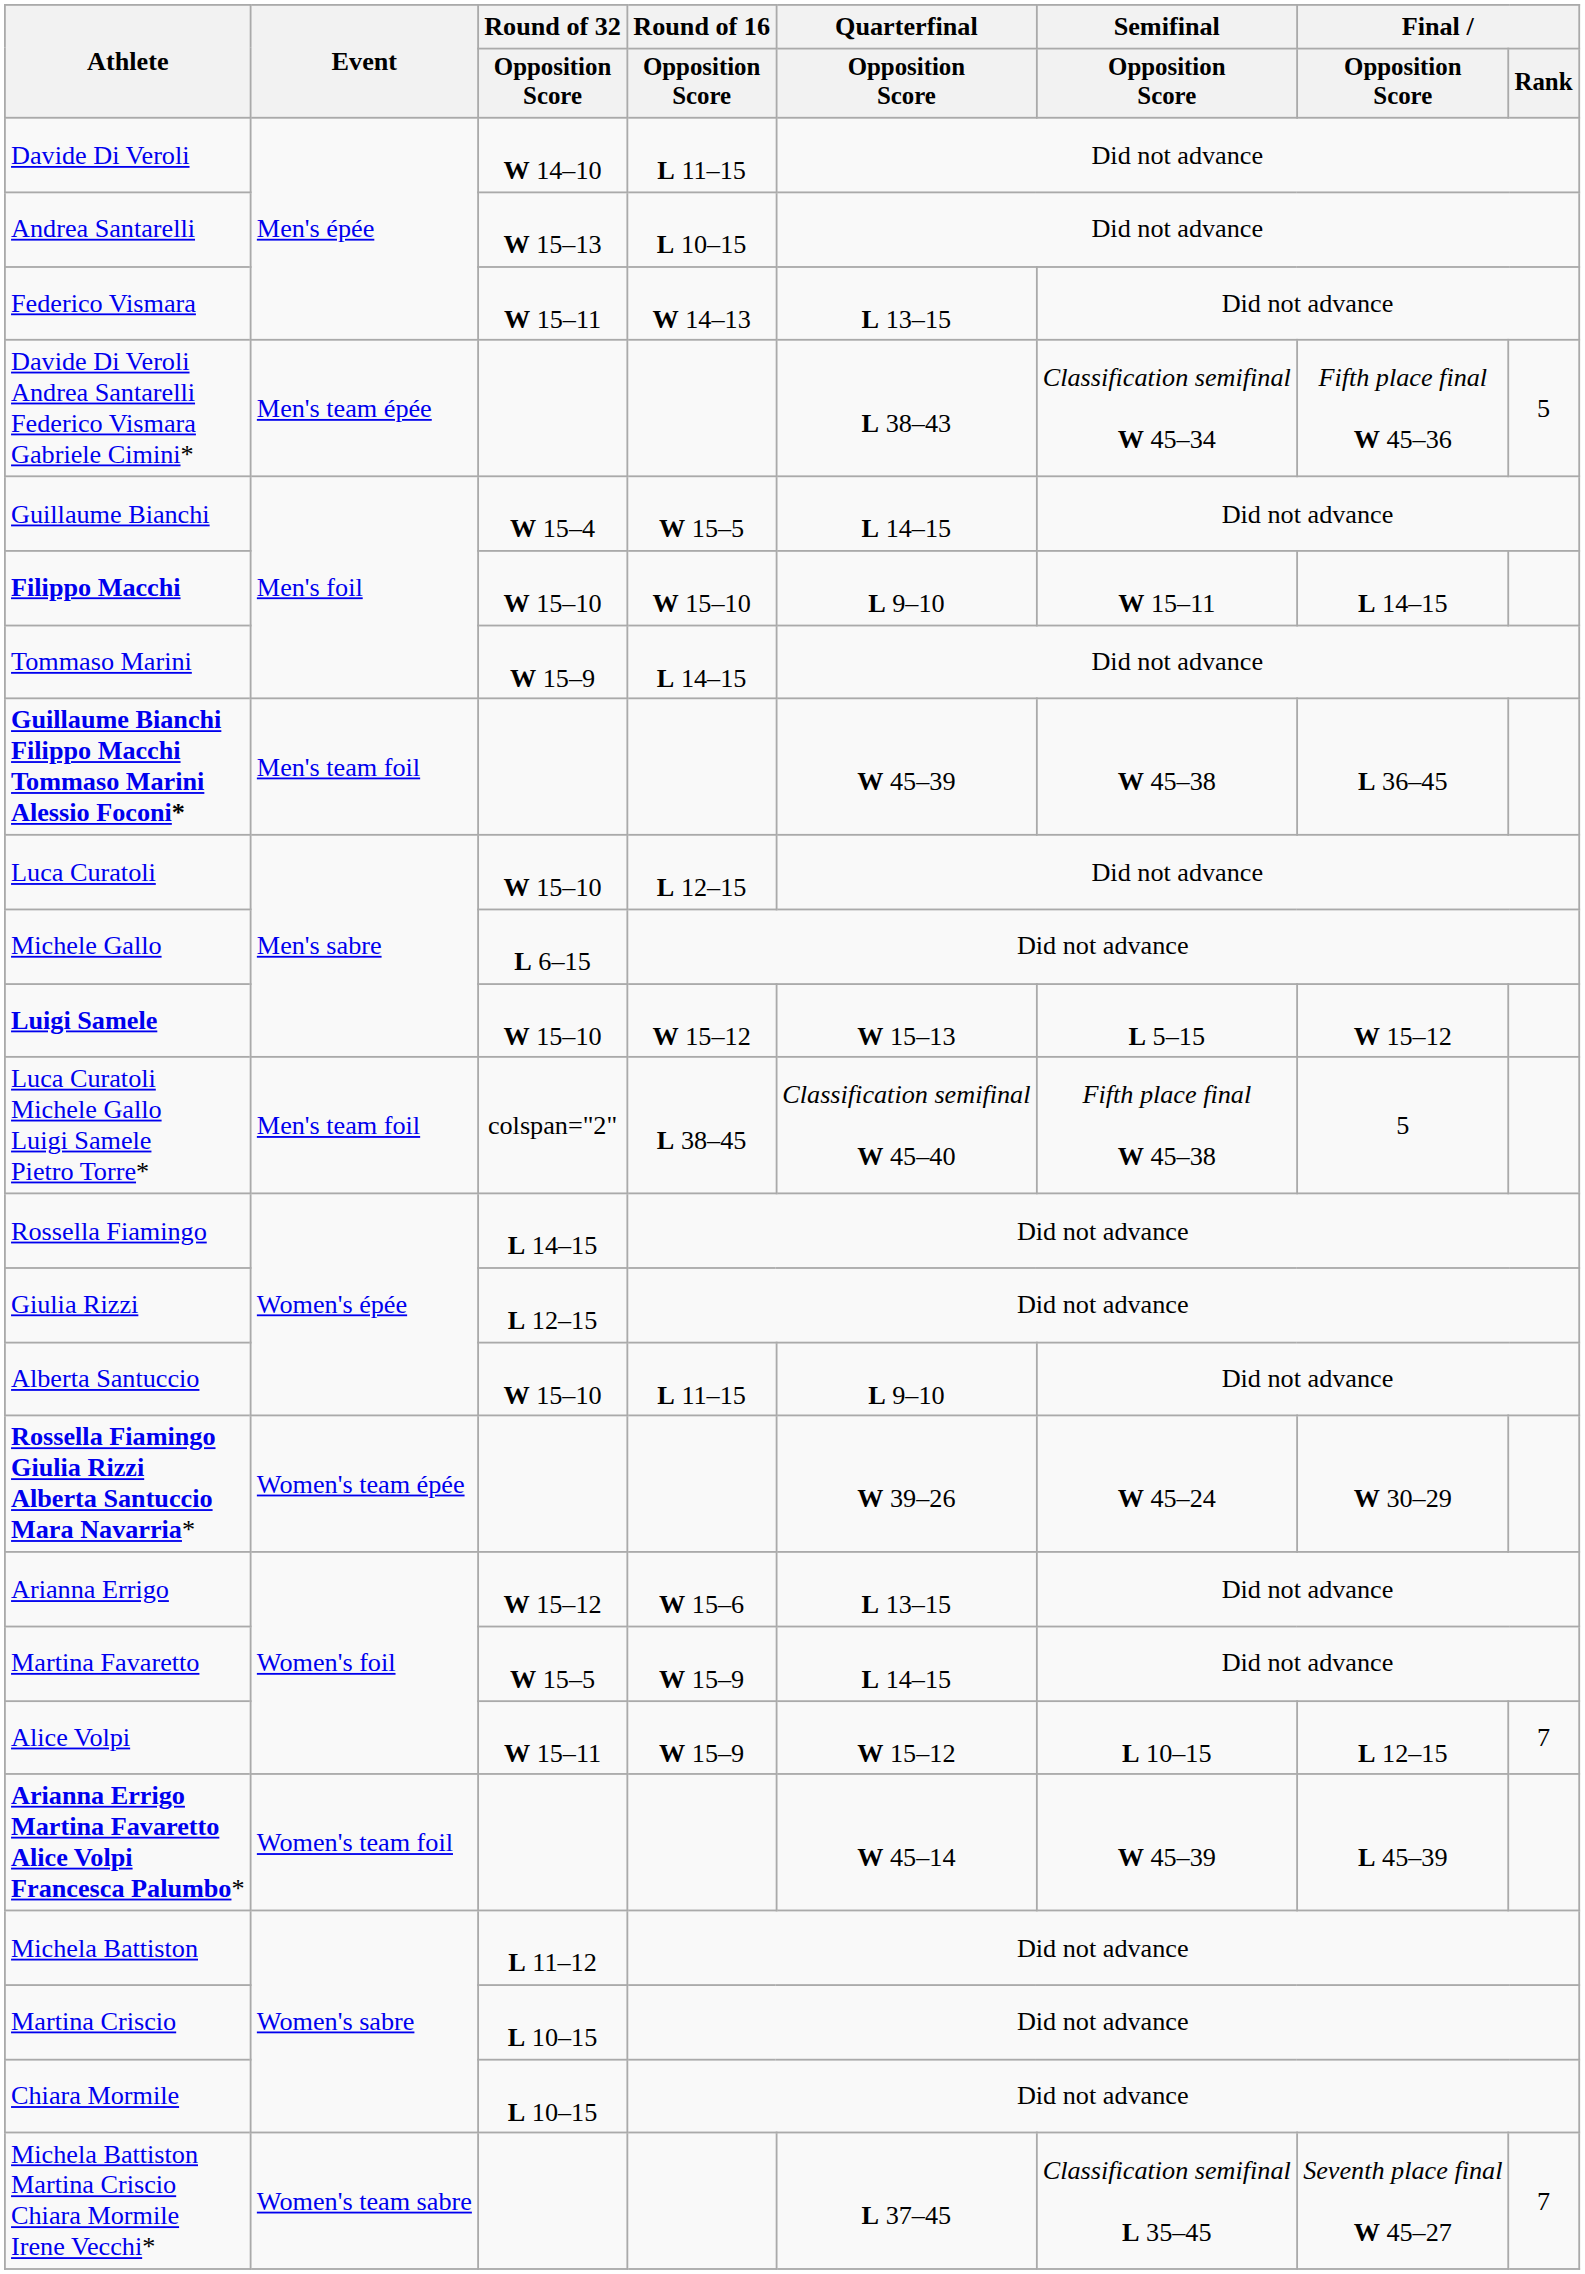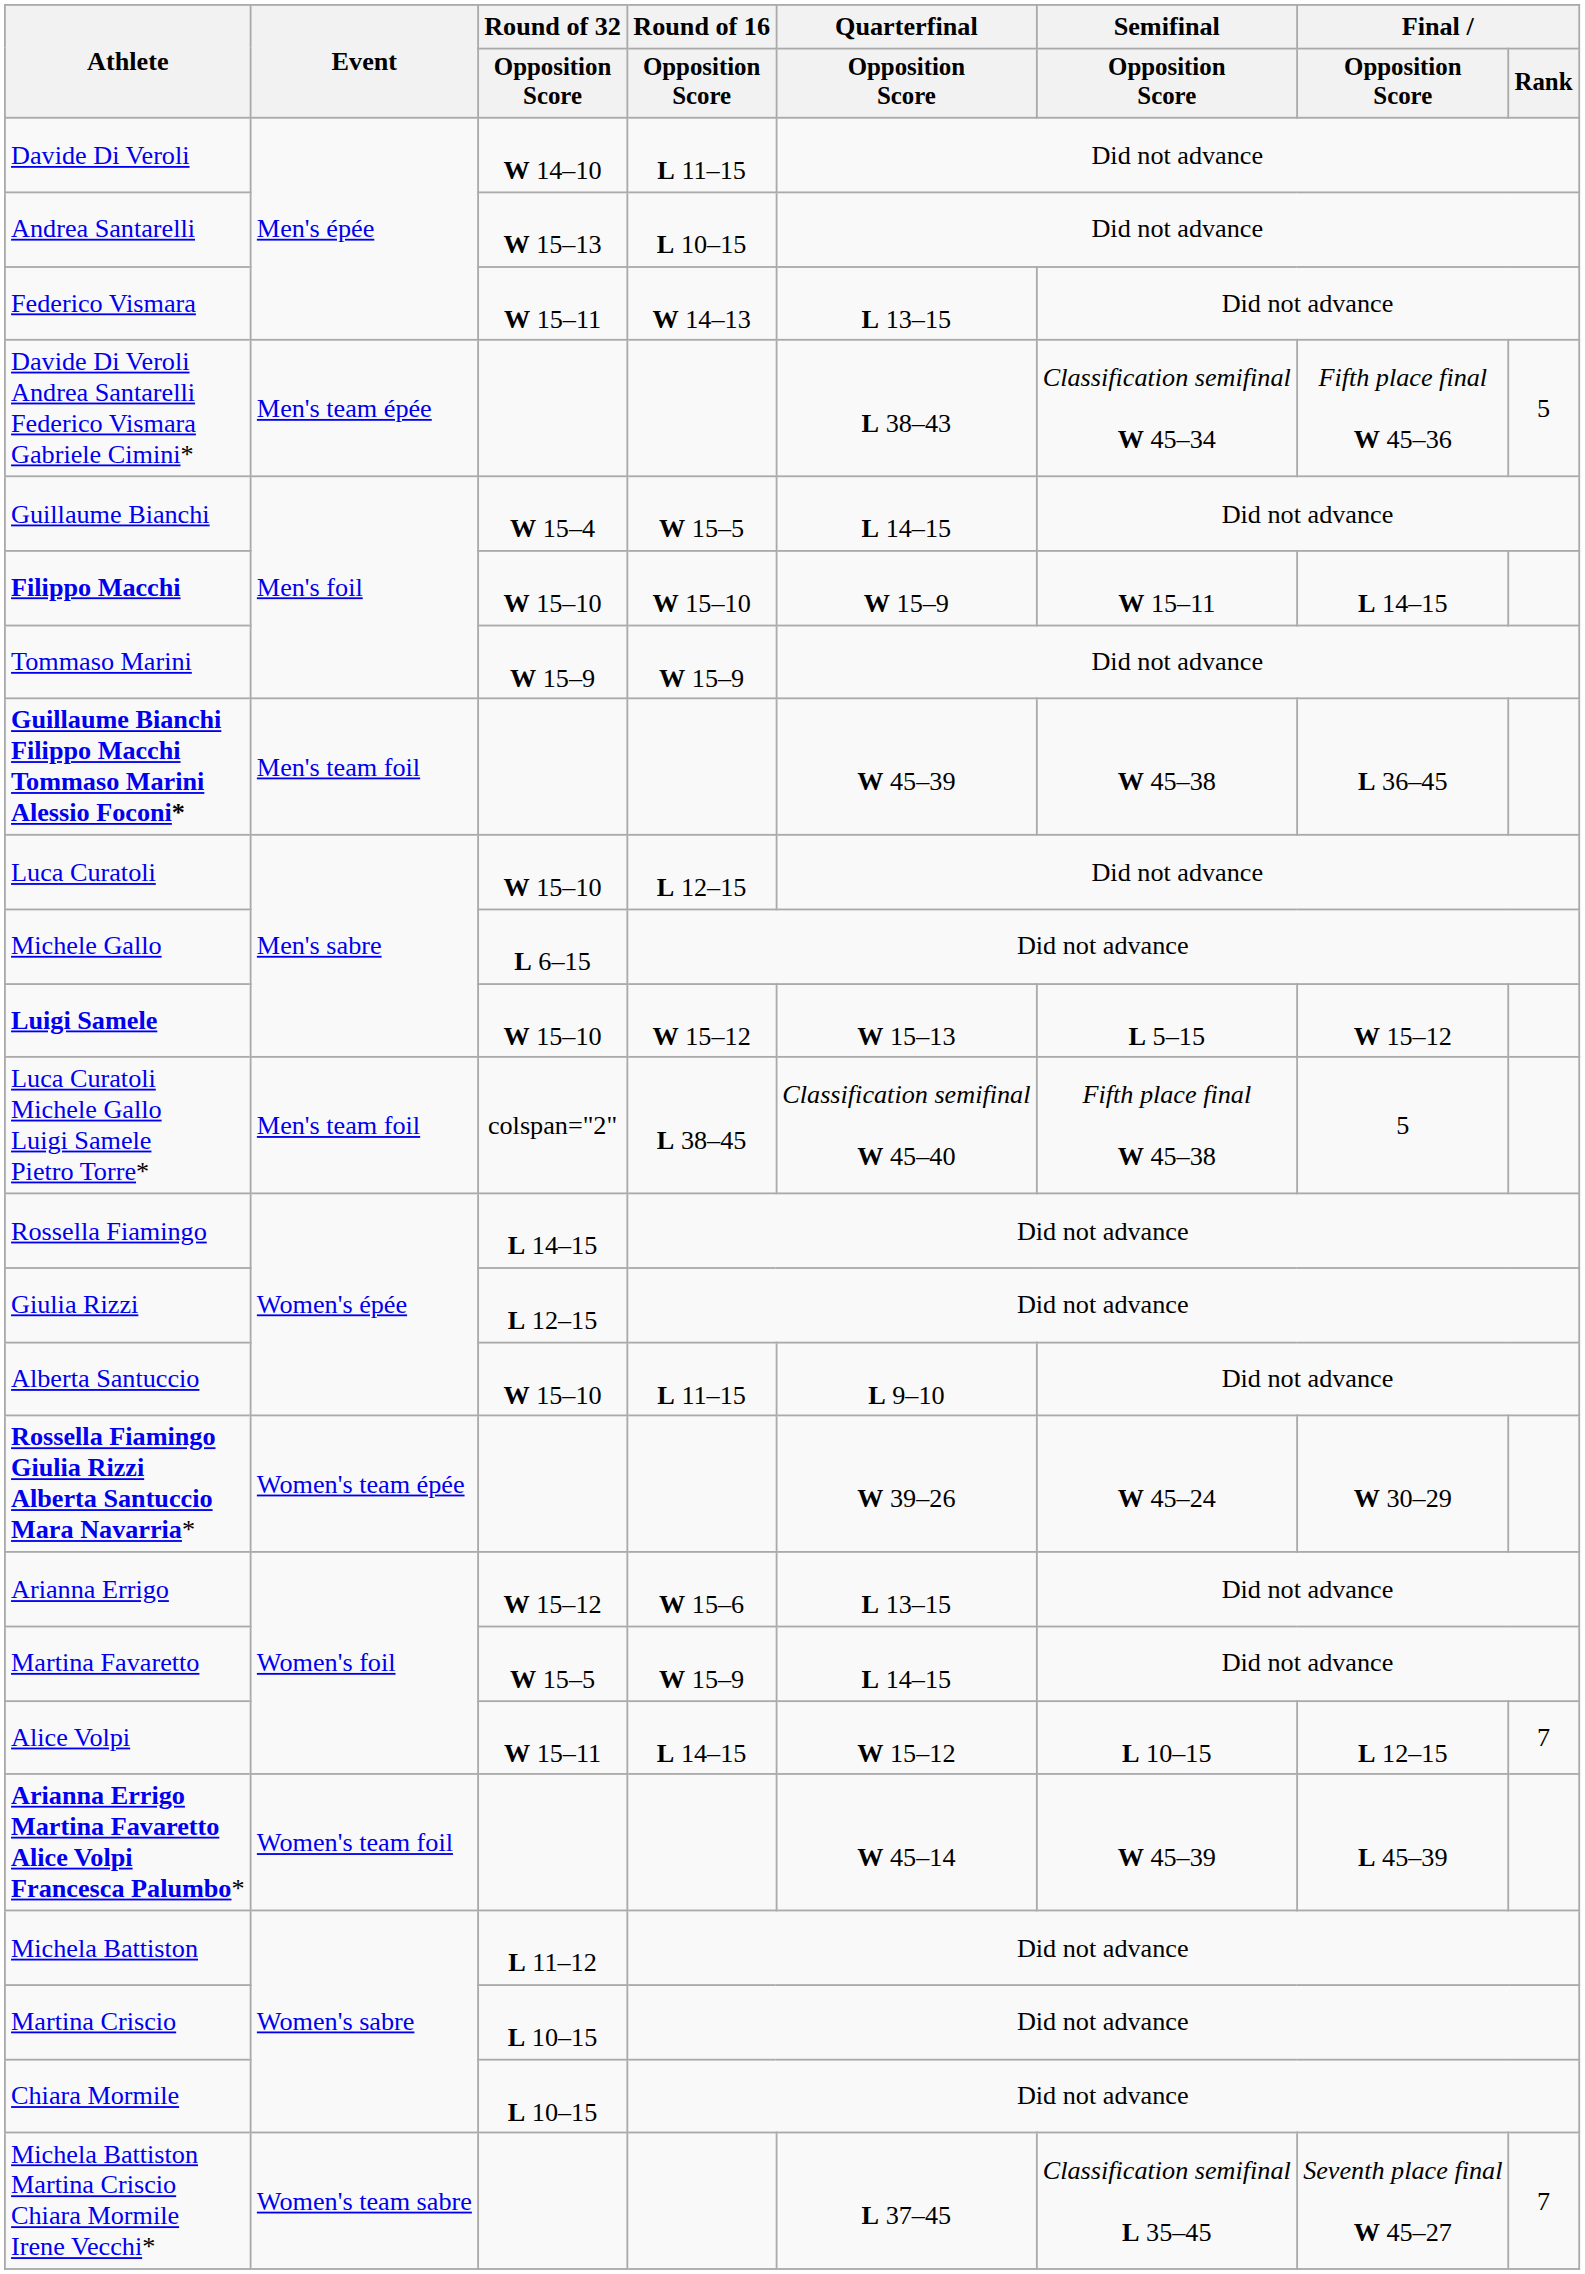 <table class="wikitable" style="font-size:90%">
 <tr>
 <th rowspan="2">Athlete</th>
 <th rowspan="2">Event</th>
 <th>Round of 32</th>
 <th>Round of 16</th>
 <th>Quarterfinal</th>
 <th>Semifinal</th>
 <th colspan=2>Final / </th>
 </tr>
 <tr style="font-size:95%">
 <th>Opposition <br> Score</th>
 <th>Opposition <br> Score</th>
 <th>Opposition <br> Score</th>
 <th>Opposition <br> Score</th>
 <th>Opposition <br> Score</th>
 <th>Rank</th>
 </tr>
 <tr align=center>
 <td align=left><a href='#'>Davide Di Veroli</a></td>
 <td align=left rowspan=3><a href='#'>Men's épée</a></td>
 <td><br><strong>W</strong> 14–10</td>
 <td><br><strong>L</strong> 11–15</td>
 <td colspan="4">Did not advance</td>
 </tr>
 <tr align=center>
 <td align=left><a href='#'>Andrea Santarelli</a></td>
 <td><br><strong>W</strong> 15–13</td>
 <td><br><strong>L</strong> 10–15</td>
 <td colspan=4>Did not advance</td>
 </tr>
 <tr align=center>
 <td align=left><a href='#'>Federico Vismara</a></td>
 <td><br><strong>W</strong> 15–11</td>
 <td><br><strong>W</strong> 14–13</td>
 <td><br><strong>L</strong> 13–15</td>
 <td colspan=3>Did not advance</td>
 </tr>
 <tr align=center>
 <td align=left><a href='#'>Davide Di Veroli</a><br><a href='#'>Andrea Santarelli</a><br><a href='#'>Federico Vismara</a><br><a href='#'>Gabriele Cimini</a>*</td>
 <td align=left><a href='#'>Men's team épée</a></td>
 <td></td>
 <td></td>
 <td><br><strong>L</strong> 38–43</td>
 <td><em>Classification semifinal</em><br><br><strong>W</strong> 45–34</td>
 <td><em>Fifth place final</em><br><br> <strong>W</strong> 45–36</td>
 <td>5</td>
 </tr>
 <tr align=center>
 <td align=left><a href='#'>Guillaume Bianchi</a></td>
 <td align=left rowspan=3><a href='#'>Men's foil</a></td>
 <td><br><strong>W</strong> 15–4</td>
 <td><br><strong>W</strong> 15–5</td>
 <td><br><strong>L</strong> 14–15</td>
 <td colspan=4>Did not advance</td>
 </tr>
 <tr align=center>
 <td align=left><strong><a href='#'>Filippo Macchi</a></strong></td>
 <td><br><strong>W</strong> 15–10</td>
 <td><br><strong>W</strong> 15–10</td>
-<td><br><strong>L</strong> 9–10</td>
+<td><br><strong>W</strong> 15–9</td>
 <td><br><strong>W</strong> 15–11</td>
 <td><br><strong>L</strong> 14–15</td>
 <td></td>
 </tr>
 <tr align=center>
 <td align=left><a href='#'>Tommaso Marini</a></td>
 <td><br><strong>W</strong> 15–9</td>
-<td><br><strong>L</strong> 14–15</td>
+<td><br><strong>W</strong> 15–9</td>
 <td colspan=4>Did not advance</td>
 </tr>
 <tr align=center>
 <td align=left><strong><a href='#'>Guillaume Bianchi</a><br><a href='#'>Filippo Macchi</a><br><a href='#'>Tommaso Marini</a><br><a href='#'>Alessio Foconi</a>*</strong></td>
 <td align=left><a href='#'>Men's team foil</a></td>
 <td></td>
 <td></td>
 <td><br> <strong>W</strong> 45–39</td>
 <td><br> <strong>W</strong> 45–38</td>
 <td><br> <strong>L</strong> 36–45</td>
 <td></td>
 </tr>
 <tr align=center>
 <td align=left><a href='#'>Luca Curatoli</a></td>
 <td align=left rowspan=3><a href='#'>Men's sabre</a></td>
 <td><br><strong>W</strong> 15–10</td>
 <td><br><strong>L</strong> 12–15</td>
 <td colspan=4>Did not advance</td>
 </tr>
 <tr align=center>
 <td align=left><a href='#'>Michele Gallo</a></td>
 <td><br><strong>L</strong> 6–15</td>
 <td colspan=5 {>Did not advance</td>
 </tr>
 <tr align=center>
 <td align=left><strong><a href='#'>Luigi Samele</a></strong></td>
 <td><br><strong>W</strong> 15–10</td>
 <td><br><strong>W</strong> 15–12</td>
 <td><br><strong>W</strong> 15–13</td>
 <td><br><strong>L</strong> 5–15</td>
 <td><br><strong>W</strong> 15–12</td>
 <td></td>
 </tr>
 <tr align=center>
 <td align=left><a href='#'>Luca Curatoli</a><br><a href='#'>Michele Gallo</a><br><a href='#'>Luigi Samele</a><br><a href='#'>Pietro Torre</a>*</td>
 <td align=left><a href='#'>Men's team foil</a></td>
 <td>colspan="2"</td>
 <td><br><strong>L</strong> 38–45</td>
 <td><em>Classification semifinal</em><br><br><strong>W</strong> 45–40</td>
 <td><em>Fifth place final</em><br><br> <strong>W</strong> 45–38</td>
 <td>5</td>
 </tr>
 <tr align=center>
 <td align=left><a href='#'>Rossella Fiamingo</a></td>
 <td align=left rowspan=3><a href='#'>Women's épée</a></td>
 <td><br><strong>L</strong> 14–15</td>
 <td colspan=5>Did not advance</td>
 </tr>
 <tr align=center>
 <td align=left><a href='#'>Giulia Rizzi</a></td>
 <td><br><strong>L</strong> 12–15</td>
 <td colspan=5>Did not advance</td>
 </tr>
 <tr align=center>
 <td align=left><a href='#'>Alberta Santuccio</a></td>
 <td><br><strong>W</strong> 15–10</td>
 <td><br><strong>L</strong> 11–15</td>
 <td><br><strong>L</strong> 9–10</td>
 <td colspan=3>Did not advance</td>
 </tr>
 <tr align=center>
 <td align=left><strong><a href='#'>Rossella Fiamingo</a></strong><br><strong><a href='#'>Giulia Rizzi</a></strong><br><strong><a href='#'>Alberta Santuccio</a></strong><br><strong><a href='#'>Mara Navarria</a></strong>*</td>
 <td align=left><a href='#'>Women's team épée</a></td>
 <td></td>
 <td></td>
 <td><br><strong>W</strong> 39–26</td>
 <td><br><strong>W</strong> 45–24</td>
 <td><br><strong>W</strong> 30–29</td>
 <td></td>
 </tr>
 <tr align=center>
 <td align=left><a href='#'>Arianna Errigo</a></td>
 <td align=left rowspan=3><a href='#'>Women's foil</a></td>
 <td><br><strong>W</strong> 15–12</td>
 <td><br><strong>W</strong> 15–6</td>
 <td><br><strong>L</strong> 13–15</td>
 <td colspan=3>Did not advance</td>
 </tr>
 <tr align=center>
 <td align=left><a href='#'>Martina Favaretto</a></td>
 <td><br><strong>W</strong> 15–5</td>
 <td><br><strong>W</strong> 15–9</td>
 <td><br><strong>L</strong> 14–15</td>
 <td colspan=3>Did not advance</td>
 </tr>
 <tr align=center>
 <td align=left><a href='#'>Alice Volpi</a></td>
 <td><br><strong>W</strong> 15–11</td>
-<td><br><strong>W</strong> 15–9</td>
+<td><br><strong>L</strong> 14–15</td>
 <td><br><strong>W</strong> 15–12</td>
 <td><br><strong>L</strong> 10–15</td>
 <td><br><strong>L</strong> 12–15</td>
 <td>7</td>
 </tr>
 <tr align=center>
 <td align=left><strong><a href='#'>Arianna Errigo</a></strong><br><strong><a href='#'>Martina Favaretto</a></strong><br><strong><a href='#'>Alice Volpi</a></strong><br><strong><a href='#'>Francesca Palumbo</a></strong>*</td>
 <td align=left><a href='#'>Women's team foil</a></td>
 <td></td>
 <td></td>
 <td><br><strong>W</strong> 45–14</td>
 <td><br><strong>W</strong> 45–39</td>
 <td><br><strong>L</strong> 45–39</td>
 <td></td>
 </tr>
 <tr align=center>
 <td align=left><a href='#'>Michela Battiston</a></td>
 <td align=left rowspan=3><a href='#'>Women's sabre</a></td>
 <td><br><strong>L</strong> 11–12</td>
 <td colspan=6>Did not advance</td>
 </tr>
 <tr align=center>
 <td align=left><a href='#'>Martina Criscio</a></td>
 <td><br><strong>L</strong> 10–15</td>
 <td colspan=6>Did not advance</td>
 </tr>
 <tr align=center>
 <td align=left><a href='#'>Chiara Mormile</a></td>
 <td><br><strong>L</strong> 10–15</td>
 <td colspan=6>Did not advance</td>
 </tr>
 <tr align=center>
 <td align=left><a href='#'>Michela Battiston</a><br><a href='#'>Martina Criscio</a><br><a href='#'>Chiara Mormile</a><br><a href='#'>Irene Vecchi</a>*</td>
 <td align=left><a href='#'>Women's team sabre</a></td>
 <td></td>
 <td></td>
 <td><br><strong>L</strong> 37–45</td>
 <td><em>Classification semifinal</em><br><br><strong>L</strong> 35–45</td>
 <td><em>Seventh place final</em><br><br> <strong>W</strong> 45–27</td>
 <td>7</td>
 </tr>
 </table>
